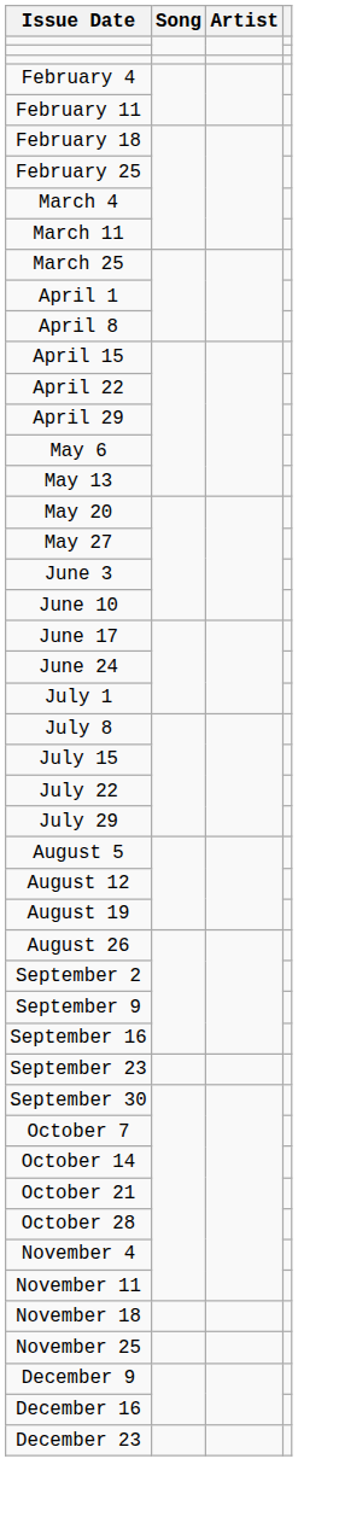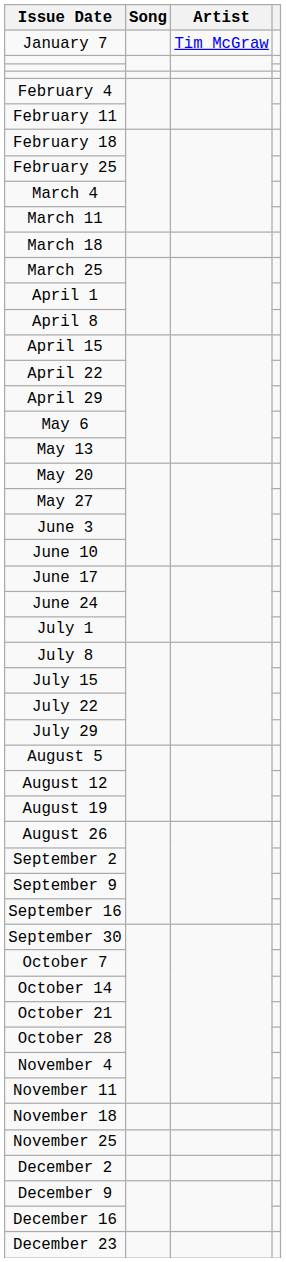 <table class="wikitable">
 <tr>
 <th>Issue Date</th>
 <th>Song</th>
 <th>Artist</th>
 <th></th>
+</tr>
+<tr>
+<td align="center">January 7</td>
+<td align-"center"></td>
+<td align="center"><a href='#'>Tim McGraw</a></td>
+<td align="center"></td>
 </tr>
 <tr>
 <td></td>
 <td rowspan="2"></td>
 <td rowspan="2"></td>
 <td align="center"></td>
 </tr>
 <tr>
 <td></td>
 <td align="center"></td>
 </tr>
 <tr>
 <td></td>
 <td></td>
 <td></td>
 <td align="center"></td>
 </tr>
 <tr>
 <td align="center">February 4</td>
 <td rowspan="2"></td>
 <td rowspan="2"></td>
 <td align="center"></td>
 </tr>
 <tr>
 <td align="center">February 11</td>
 <td align="center"></td>
 </tr>
 <tr>
 <td align="center">February 18</td>
 <td rowspan="4"></td>
 <td rowspan="4"></td>
 <td align="center"></td>
 </tr>
 <tr>
 <td align="Center">February 25</td>
 <td align="center"></td>
 </tr>
 <tr>
 <td align="center">March 4</td>
 <td align="center"></td>
 </tr>
 <tr>
 <td align="center">March 11</td>
+<td align="center"></td>
+</tr>
+<tr>
+<td align="center">March 18</td>
+<td></td>
+<td></td>
 <td align="center"></td>
 </tr>
 <tr>
 <td align="center">March 25</td>
 <td rowspan="3"></td>
 <td rowspan="3"></td>
 <td align="center"></td>
 </tr>
 <tr>
 <td align="center">April 1</td>
 <td align="center"></td>
 </tr>
 <tr>
 <td align="center">April 8</td>
 <td align="center"></td>
 </tr>
 <tr>
 <td align="center">April 15</td>
 <td rowspan="5"></td>
 <td rowspan="5"></td>
 <td align="center"></td>
 </tr>
 <tr>
 <td align="center">April 22</td>
 <td align="center"></td>
 </tr>
 <tr>
 <td align="center">April 29</td>
 <td align="center"></td>
 </tr>
 <tr>
 <td align="center">May 6</td>
 <td align="center"></td>
 </tr>
 <tr>
 <td align="center">May 13</td>
 <td align="center"></td>
 </tr>
 <tr>
 <td align="center">May 20</td>
 <td rowspan="4"></td>
 <td rowspan="4"></td>
 <td align="center"></td>
 </tr>
 <tr>
 <td align="center">May 27</td>
 <td align="center"></td>
 </tr>
 <tr>
 <td align="center">June 3</td>
 <td align="center"></td>
 </tr>
 <tr>
 <td align="center">June 10</td>
 <td align="center"></td>
 </tr>
 <tr>
 <td align="center">June 17</td>
 <td rowspan="3"></td>
 <td rowspan="3"></td>
 <td Align="center"></td>
 </tr>
 <tr>
 <td align="center">June 24</td>
 <td align="center"></td>
 </tr>
 <tr>
 <td align="center">July 1</td>
 <td align="center"></td>
 </tr>
 <tr>
 <td align="center">July 8</td>
 <td rowspan="4"></td>
 <td rowspan="4"></td>
 <td align="center"></td>
 </tr>
 <tr>
 <td align="center">July 15</td>
 <td></td>
 </tr>
 <tr>
 <td align="center">July 22</td>
 <td align="center"></td>
 </tr>
 <tr>
 <td align="center">July 29</td>
 <td align="center"></td>
 </tr>
 <tr>
 <td align="center">August 5</td>
 <td rowspan="3"></td>
 <td rowspan="3"></td>
 <td align="center"></td>
 </tr>
 <tr>
 <td align="center">August 12</td>
 <td align="center"></td>
 </tr>
 <tr>
 <td align="center">August 19</td>
 <td align="center"></td>
 </tr>
 <tr>
 <td align="Center">August 26</td>
 <td rowspan="4"></td>
 <td rowspan="4"></td>
 <td align="center"></td>
 </tr>
 <tr>
 <td align="center">September 2</td>
 <td align="center"></td>
 </tr>
 <tr>
 <td align="center">September 9</td>
 <td align="center"></td>
 </tr>
 <tr>
 <td align="center">September 16</td>
 <td align="center"></td>
 </tr>
 <tr>
-<td align="center">September 23</td>
-<td></td>
-<td></td>
-<td align="center"></td>
-</tr>
-<tr>
 <td align="center">September 30</td>
 <td rowspan="7"></td>
 <td rowspan="7"></td>
 <td align="center"></td>
 </tr>
 <tr>
 <td align="center">October 7</td>
 <td align="center"></td>
 </tr>
 <tr>
 <td align="center">October 14</td>
 <td align="center"></td>
 </tr>
 <tr>
 <td align="center">October 21</td>
 <td align="center"></td>
 </tr>
 <tr>
 <td align="center">October 28</td>
 <td align="center"></td>
 </tr>
 <tr>
 <td align="center">November 4</td>
 <td align="center"></td>
 </tr>
 <tr>
 <td align="center">November 11</td>
 <td align="center"></td>
 </tr>
 <tr>
 <td align="center">November 18</td>
 <td></td>
 <td></td>
 <td align="center"></td>
 </tr>
 <tr>
 <td align="center">November 25</td>
 <td></td>
 <td></td>
 <td align="center"></td>
 </tr>
 <tr>
+<td align="center">December 2</td>
+<td></td>
+<td></td>
+<td align="center"></td>
+</tr>
+<tr>
 <td align="center">December 9</td>
 <td rowspan="2"></td>
 <td rowspan="2"></td>
 <td align="center"></td>
 </tr>
 <tr>
 <td align="center">December 16</td>
 <td align="center"></td>
 </tr>
 <tr>
 <td align="Center">December 23</td>
 <td></td>
 <td></td>
 <td align="center"></td>
 </tr>
 </table>
